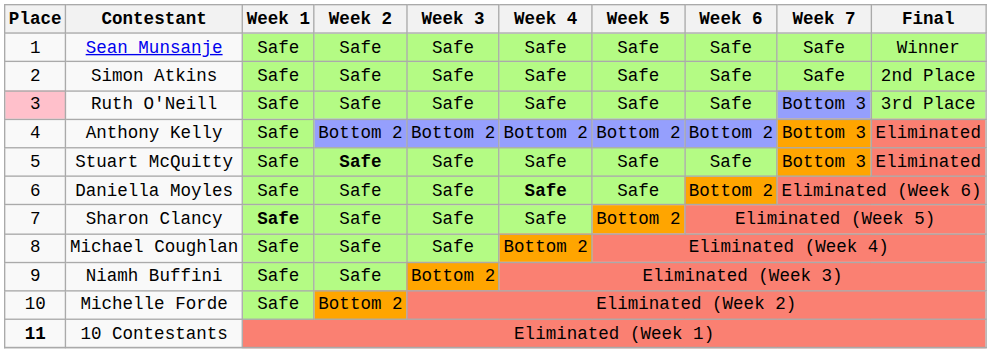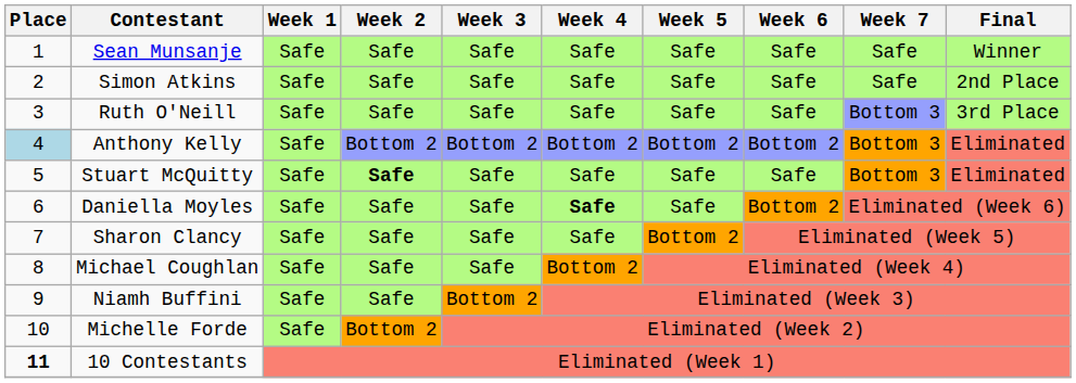 <table class="wikitable" style="text-align:center;">
 <tr>
 <th>Place</th>
 <th>Contestant</th>
 <th>Week 1</th>
 <th>Week 2</th>
 <th>Week 3</th>
 <th>Week 4</th>
 <th>Week 5</th>
 <th>Week 6</th>
 <th>Week 7</th>
 <th>Final</th>
 </tr>
 <tr>
 <td>1</td>
 <td><a href='#'>Sean Munsanje</a></td>
 <td style="background:#B4FB84">Safe</td>
 <td style="background:#B4FB84">Safe</td>
 <td style="background:#B4FB84">Safe</td>
 <td style="background:#B4FB84">Safe</td>
 <td style="background:#B4FB84">Safe</td>
 <td style="background:#B4FB84">Safe</td>
 <td style="background:#B4FB84">Safe</td>
 <td style="background:#B4FB84">Winner</td>
 </tr>
 <tr>
 <td>2</td>
 <td>Simon Atkins</td>
 <td style="background:#B4FB84">Safe</td>
 <td style="background:#B4FB84">Safe</td>
 <td style="background:#B4FB84">Safe</td>
 <td style="background:#B4FB84">Safe</td>
 <td style="background:#B4FB84">Safe</td>
 <td style="background:#B4FB84">Safe</td>
 <td style="background:#B4FB84">Safe</td>
 <td style="background:#B4FB84">2nd Place</td>
 </tr>
 <tr>
-<td style="background: pink;">3</td>
+<td>3</td>
 <td>Ruth O'Neill</td>
 <td style="background:#B4FB84">Safe</td>
 <td style="background:#B4FB84">Safe</td>
 <td style="background:#B4FB84">Safe</td>
 <td style="background:#B4FB84">Safe</td>
 <td style="background:#B4FB84">Safe</td>
 <td style="background:#B4FB84">Safe</td>
 <td style="background:#959FFD">Bottom 3</td>
 <td style="background:#B4FB84">3rd Place</td>
 </tr>
 <tr>
-<td>4</td>
+<td style="background: lightblue;">4</td>
 <td>Anthony Kelly</td>
 <td style="background:#B4FB84">Safe</td>
 <td style="background:#959FFD">Bottom 2</td>
 <td style="background:#959FFD">Bottom 2</td>
 <td style="background:#959FFD">Bottom 2</td>
 <td style="background:#959FFD">Bottom 2</td>
 <td style="background:#959FFD">Bottom 2</td>
 <td style= "background:orange">Bottom 3</td>
 <td style="background:#FA8072;">Eliminated</td>
 </tr>
 <tr>
 <td>5</td>
 <td>Stuart McQuitty</td>
 <td style="background:#B4FB84;">Safe</td>
 <td style="background:#B4FB84"><strong>Safe</strong></td>
 <td style="background:#B4FB84">Safe</td>
 <td style="background:#B4FB84">Safe</td>
 <td style="background:#B4FB84">Safe</td>
 <td style="background:#B4FB84">Safe</td>
 <td style= "background:orange">Bottom 3</td>
 <td style="background:#FA8072;">Eliminated</td>
 </tr>
 <tr>
 <td>6</td>
 <td>Daniella Moyles</td>
 <td style="background:#B4FB84">Safe</td>
 <td style="background:#B4FB84">Safe</td>
 <td style="background:#B4FB84">Safe</td>
 <td style="background:#B4FB84"><strong>Safe</strong></td>
 <td style="background:#B4FB84">Safe</td>
 <td style= "background:orange">Bottom 2</td>
 <td style="background:#FA8072;" colspan="2">Eliminated (Week 6)</td>
 </tr>
 <tr>
 <td>7</td>
 <td>Sharon Clancy</td>
-<td style="background:#B4FB84"><strong>Safe</strong></td>
+<td style="background:#B4FB84">Safe</td>
 <td style="background:#B4FB84">Safe</td>
 <td style="background:#B4FB84">Safe</td>
 <td style="background:#B4FB84">Safe</td>
 <td style="background:orange">Bottom 2</td>
 <td style="background:#FA8072;" colspan="3">Eliminated (Week 5)</td>
 </tr>
 <tr>
 <td>8</td>
 <td>Michael Coughlan</td>
 <td style="background:#B4FB84">Safe</td>
 <td style="background:#B4FB84">Safe</td>
 <td style="background:#B4FB84">Safe</td>
 <td style="background:orange">Bottom 2</td>
 <td style="background:#FA8072;" colspan="4">Eliminated (Week 4)</td>
 </tr>
 <tr>
 <td>9</td>
 <td>Niamh Buffini</td>
 <td style="background:#B4FB84">Safe</td>
 <td style="background:#B4FB84">Safe</td>
 <td style="background:orange">Bottom 2</td>
 <td style="background:#FA8072;" colspan="5">Eliminated (Week 3)</td>
 </tr>
 <tr>
 <td>10</td>
 <td>Michelle Forde</td>
 <td style="background:#B4FB84">Safe</td>
 <td style="background:orange">Bottom 2</td>
 <td style="background:#FA8072;" colspan="6">Eliminated (Week 2)</td>
 </tr>
 <tr>
 <td><strong>11</strong></td>
 <td>10 Contestants</td>
 <td style="background:#FA8072;" colspan="8">Eliminated (Week 1)</td>
 </tr>
 <tr>
 </tr>
 </table>
